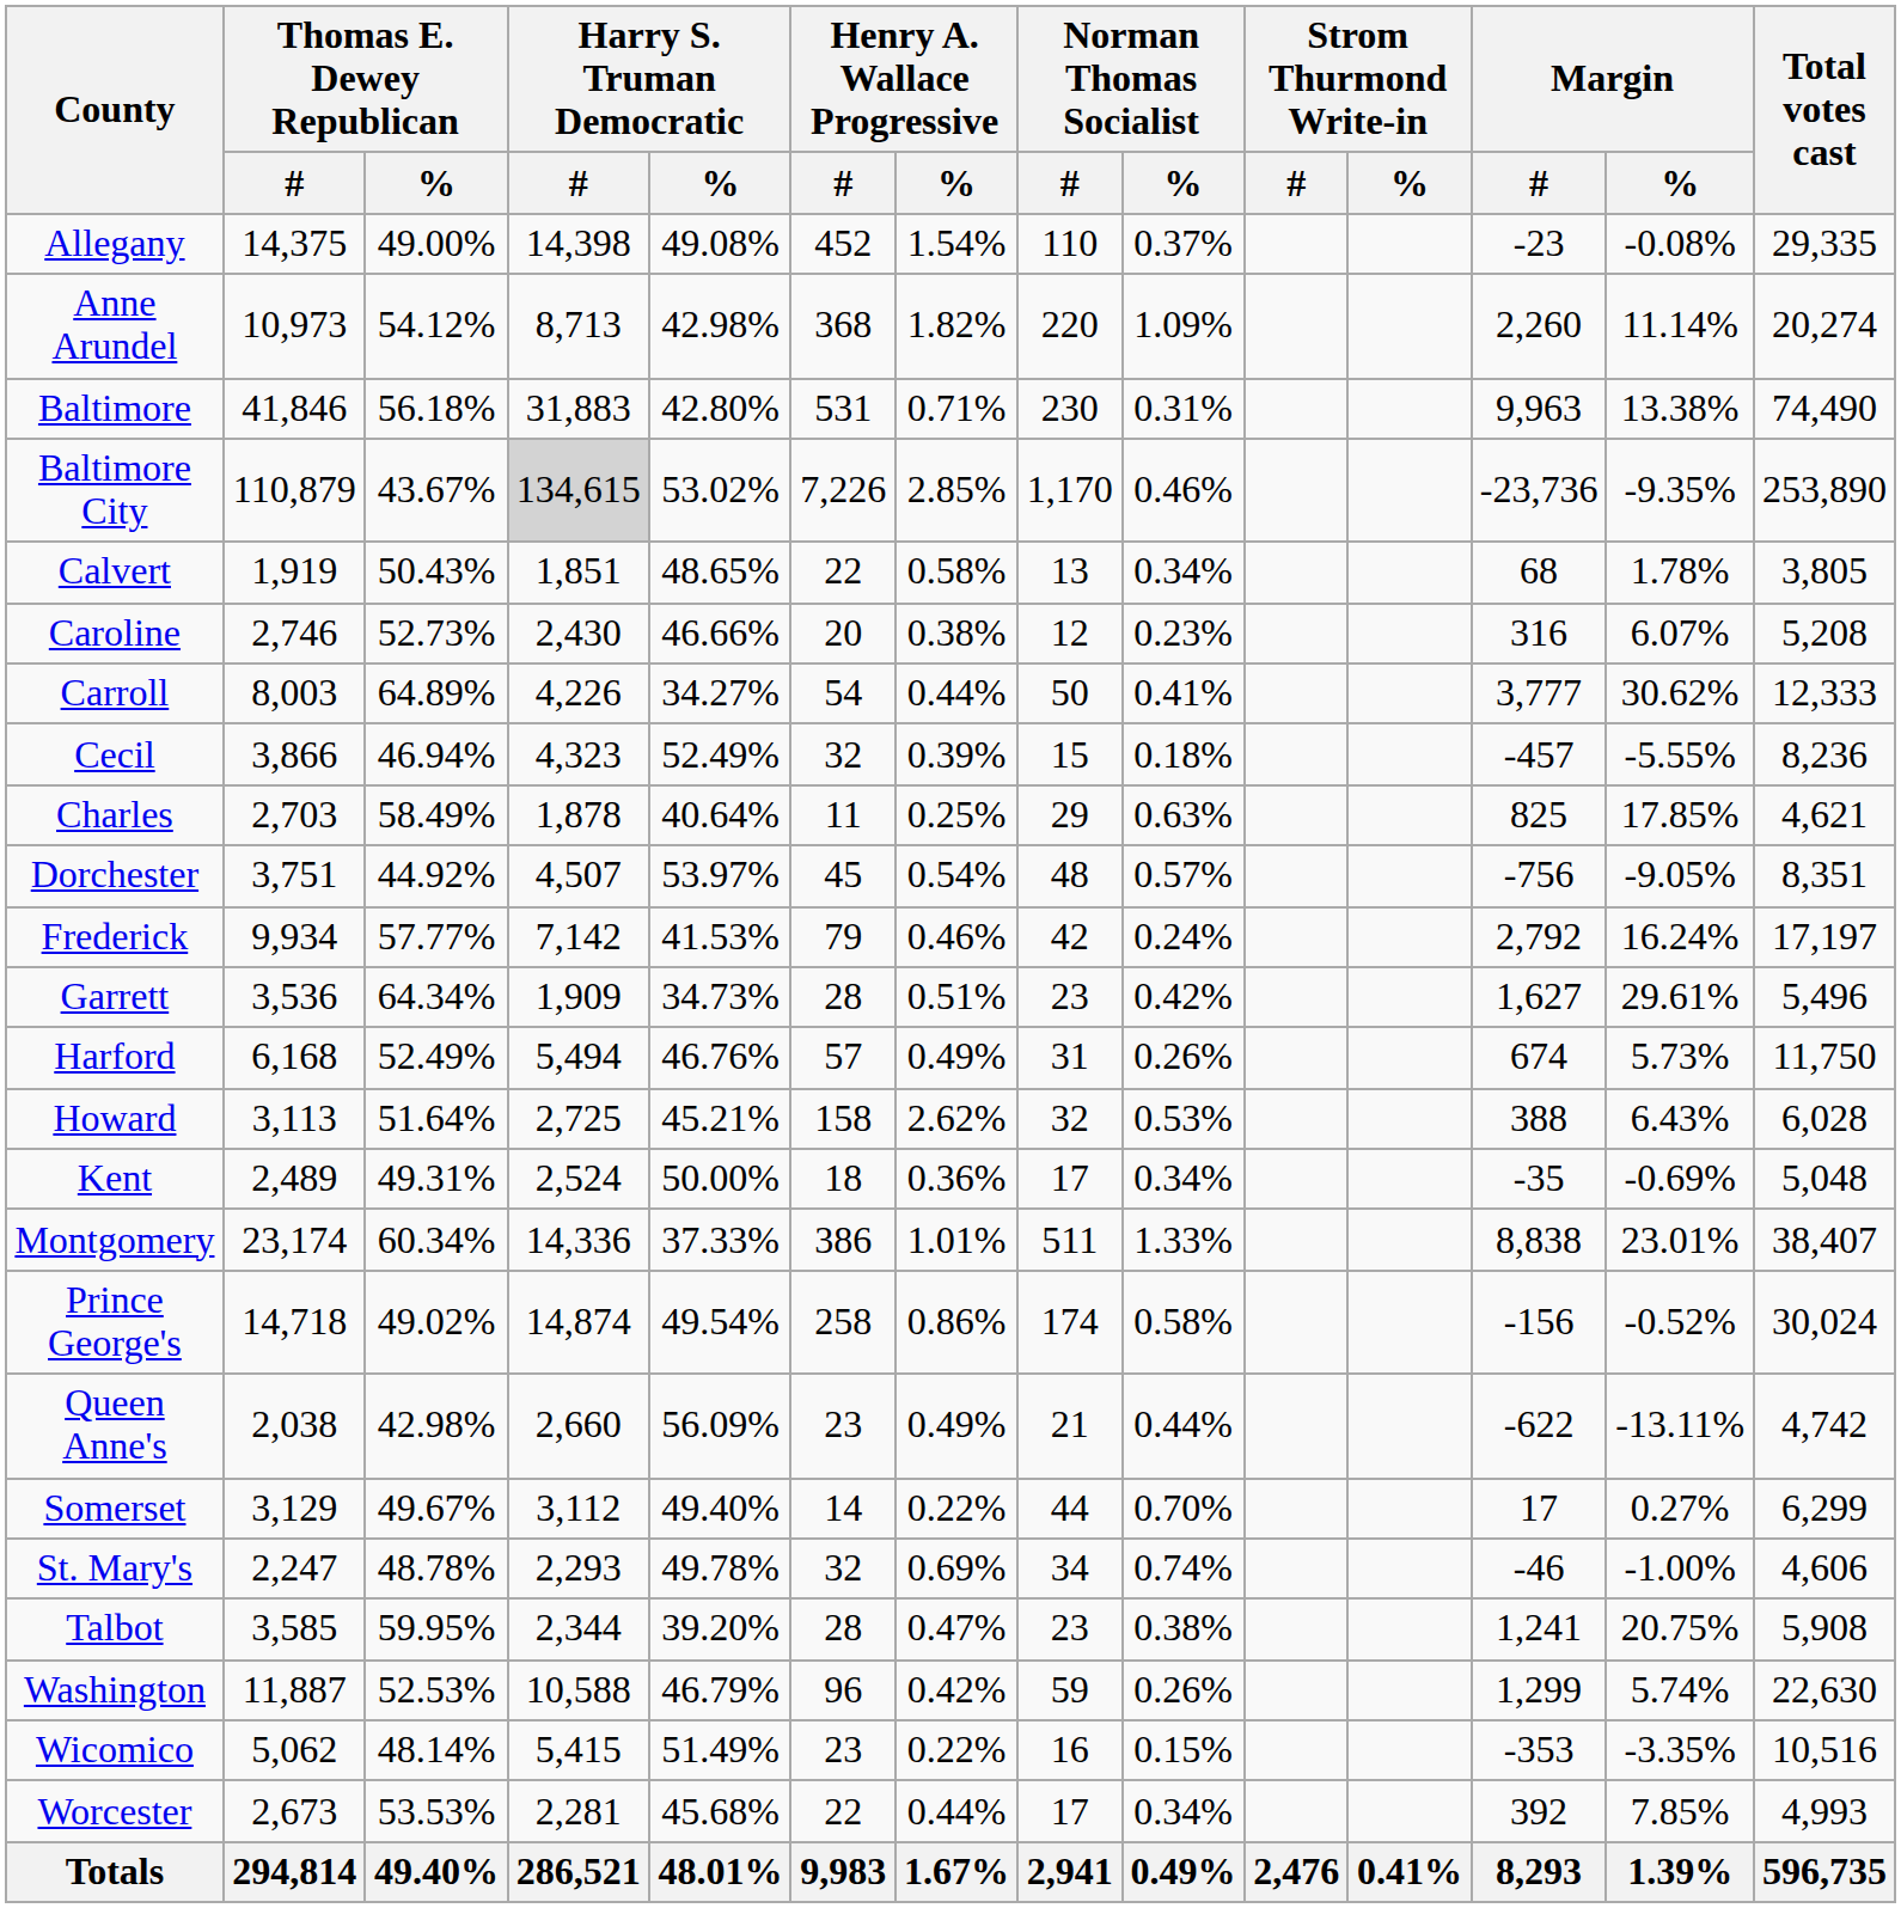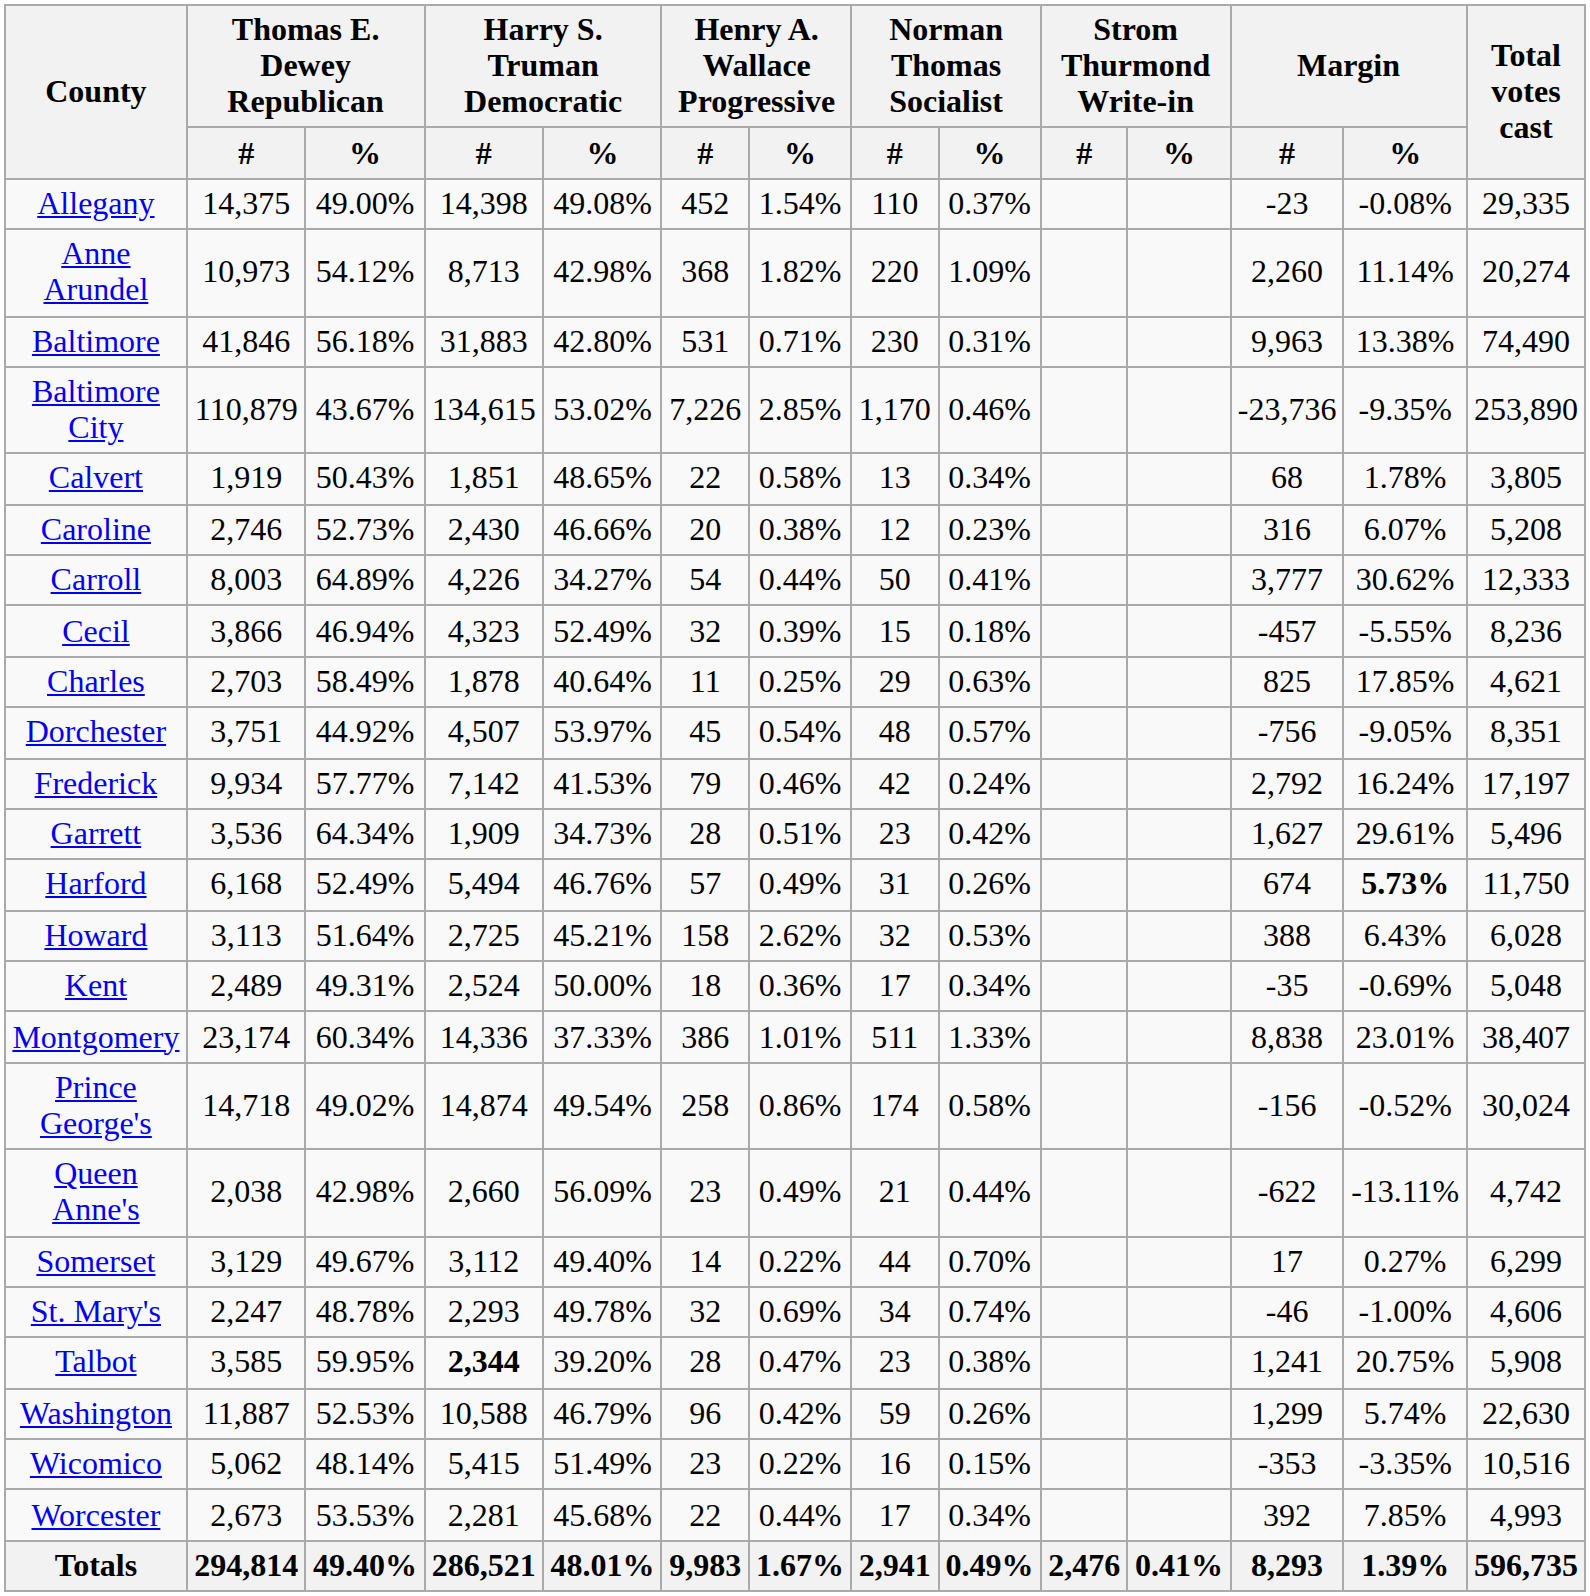 <table width="60%"  class="wikitable sortable" style="text-align:center">
 <tr>
 <th style="text-align:center;" rowspan="2">County</th>
 <th style="text-align:center;" colspan="2">Thomas E. Dewey<br>Republican</th>
 <th style="text-align:center;" colspan="2">Harry S. Truman<br>Democratic</th>
 <th style="text-align:center;" colspan="2">Henry A. Wallace<br>Progressive</th>
 <th style="text-align:center;" colspan="2">Norman Thomas<br>Socialist</th>
 <th style="text-align:center;" colspan="2">Strom Thurmond<br>Write-in</th>
 <th style="text-align:center;" colspan="2">Margin</th>
 <th style="text-align:center;" rowspan="2">Total votes cast</th>
 </tr>
 <tr>
 <th style="text-align:center;" data-sort-type="number">#</th>
 <th style="text-align:center;" data-sort-type="number">%</th>
 <th style="text-align:center;" data-sort-type="number">#</th>
 <th style="text-align:center;" data-sort-type="number">%</th>
 <th style="text-align:center;" data-sort-type="number">#</th>
 <th style="text-align:center;" data-sort-type="number">%</th>
 <th style="text-align:center;" data-sort-type="number">#</th>
 <th style="text-align:center;" data-sort-type="number">%</th>
 <th style="text-align:center;" data-sort-type="number">#</th>
 <th style="text-align:center;" data-sort-type="number">%</th>
 <th style="text-align:center;" data-sort-type="number">#</th>
 <th style="text-align:center;" data-sort-type="number">%</th>
 </tr>
 <tr style="text-align:center;">
 <td><a href='#'>Allegany</a></td>
 <td>14,375</td>
 <td>49.00%</td>
 <td>14,398</td>
 <td>49.08%</td>
 <td>452</td>
 <td>1.54%</td>
 <td>110</td>
 <td>0.37%</td>
 <td></td>
 <td></td>
 <td>-23</td>
 <td>-0.08%</td>
 <td>29,335</td>
 </tr>
 <tr style="text-align:center;">
 <td><a href='#'>Anne Arundel</a></td>
 <td>10,973</td>
 <td>54.12%</td>
 <td>8,713</td>
 <td>42.98%</td>
 <td>368</td>
 <td>1.82%</td>
 <td>220</td>
 <td>1.09%</td>
 <td></td>
 <td></td>
 <td>2,260</td>
 <td>11.14%</td>
 <td>20,274</td>
 </tr>
 <tr style="text-align:center;">
 <td><a href='#'>Baltimore</a></td>
 <td>41,846</td>
 <td>56.18%</td>
 <td>31,883</td>
 <td>42.80%</td>
 <td>531</td>
 <td>0.71%</td>
 <td>230</td>
 <td>0.31%</td>
 <td></td>
 <td></td>
 <td>9,963</td>
 <td>13.38%</td>
 <td>74,490</td>
 </tr>
 <tr style="text-align:center;">
 <td><a href='#'>Baltimore City</a></td>
 <td>110,879</td>
 <td>43.67%</td>
-<td style="background: lightgrey;">134,615</td>
+<td>134,615</td>
 <td>53.02%</td>
 <td>7,226</td>
 <td>2.85%</td>
 <td>1,170</td>
 <td>0.46%</td>
 <td></td>
 <td></td>
 <td>-23,736</td>
 <td>-9.35%</td>
 <td>253,890</td>
 </tr>
 <tr style="text-align:center;">
 <td><a href='#'>Calvert</a></td>
 <td>1,919</td>
 <td>50.43%</td>
 <td>1,851</td>
 <td>48.65%</td>
 <td>22</td>
 <td>0.58%</td>
 <td>13</td>
 <td>0.34%</td>
 <td></td>
 <td></td>
 <td>68</td>
 <td>1.78%</td>
 <td>3,805</td>
 </tr>
 <tr style="text-align:center;">
 <td><a href='#'>Caroline</a></td>
 <td>2,746</td>
 <td>52.73%</td>
 <td>2,430</td>
 <td>46.66%</td>
 <td>20</td>
 <td>0.38%</td>
 <td>12</td>
 <td>0.23%</td>
 <td></td>
 <td></td>
 <td>316</td>
 <td>6.07%</td>
 <td>5,208</td>
 </tr>
 <tr style="text-align:center;">
 <td><a href='#'>Carroll</a></td>
 <td>8,003</td>
 <td>64.89%</td>
 <td>4,226</td>
 <td>34.27%</td>
 <td>54</td>
 <td>0.44%</td>
 <td>50</td>
 <td>0.41%</td>
 <td></td>
 <td></td>
 <td>3,777</td>
 <td>30.62%</td>
 <td>12,333</td>
 </tr>
 <tr style="text-align:center;">
 <td><a href='#'>Cecil</a></td>
 <td>3,866</td>
 <td>46.94%</td>
 <td>4,323</td>
 <td>52.49%</td>
 <td>32</td>
 <td>0.39%</td>
 <td>15</td>
 <td>0.18%</td>
 <td></td>
 <td></td>
 <td>-457</td>
 <td>-5.55%</td>
 <td>8,236</td>
 </tr>
 <tr style="text-align:center;">
 <td><a href='#'>Charles</a></td>
 <td>2,703</td>
 <td>58.49%</td>
 <td>1,878</td>
 <td>40.64%</td>
 <td>11</td>
 <td>0.25%</td>
 <td>29</td>
 <td>0.63%</td>
 <td></td>
 <td></td>
 <td>825</td>
 <td>17.85%</td>
 <td>4,621</td>
 </tr>
 <tr style="text-align:center;">
 <td><a href='#'>Dorchester</a></td>
 <td>3,751</td>
 <td>44.92%</td>
 <td>4,507</td>
 <td>53.97%</td>
 <td>45</td>
 <td>0.54%</td>
 <td>48</td>
 <td>0.57%</td>
 <td></td>
 <td></td>
 <td>-756</td>
 <td>-9.05%</td>
 <td>8,351</td>
 </tr>
 <tr style="text-align:center;">
 <td><a href='#'>Frederick</a></td>
 <td>9,934</td>
 <td>57.77%</td>
 <td>7,142</td>
 <td>41.53%</td>
 <td>79</td>
 <td>0.46%</td>
 <td>42</td>
 <td>0.24%</td>
 <td></td>
 <td></td>
 <td>2,792</td>
 <td>16.24%</td>
 <td>17,197</td>
 </tr>
 <tr style="text-align:center;">
 <td><a href='#'>Garrett</a></td>
 <td>3,536</td>
 <td>64.34%</td>
 <td>1,909</td>
 <td>34.73%</td>
 <td>28</td>
 <td>0.51%</td>
 <td>23</td>
 <td>0.42%</td>
 <td></td>
 <td></td>
 <td>1,627</td>
 <td>29.61%</td>
 <td>5,496</td>
 </tr>
 <tr style="text-align:center;">
 <td><a href='#'>Harford</a></td>
 <td>6,168</td>
 <td>52.49%</td>
 <td>5,494</td>
 <td>46.76%</td>
 <td>57</td>
 <td>0.49%</td>
 <td>31</td>
 <td>0.26%</td>
 <td></td>
 <td></td>
 <td>674</td>
-<td>5.73%</td>
+<td><strong>5.73%</strong></td>
 <td>11,750</td>
 </tr>
 <tr style="text-align:center;">
 <td><a href='#'>Howard</a></td>
 <td>3,113</td>
 <td>51.64%</td>
 <td>2,725</td>
 <td>45.21%</td>
 <td>158</td>
 <td>2.62%</td>
 <td>32</td>
 <td>0.53%</td>
 <td></td>
 <td></td>
 <td>388</td>
 <td>6.43%</td>
 <td>6,028</td>
 </tr>
 <tr style="text-align:center;">
 <td><a href='#'>Kent</a></td>
 <td>2,489</td>
 <td>49.31%</td>
 <td>2,524</td>
 <td>50.00%</td>
 <td>18</td>
 <td>0.36%</td>
 <td>17</td>
 <td>0.34%</td>
 <td></td>
 <td></td>
 <td>-35</td>
 <td>-0.69%</td>
 <td>5,048</td>
 </tr>
 <tr style="text-align:center;">
 <td><a href='#'>Montgomery</a></td>
 <td>23,174</td>
 <td>60.34%</td>
 <td>14,336</td>
 <td>37.33%</td>
 <td>386</td>
 <td>1.01%</td>
 <td>511</td>
 <td>1.33%</td>
 <td></td>
 <td></td>
 <td>8,838</td>
 <td>23.01%</td>
 <td>38,407</td>
 </tr>
 <tr style="text-align:center;">
 <td><a href='#'>Prince George's</a></td>
 <td>14,718</td>
 <td>49.02%</td>
 <td>14,874</td>
 <td>49.54%</td>
 <td>258</td>
 <td>0.86%</td>
 <td>174</td>
 <td>0.58%</td>
 <td></td>
 <td></td>
 <td>-156</td>
 <td>-0.52%</td>
 <td>30,024</td>
 </tr>
 <tr style="text-align:center;">
 <td><a href='#'>Queen Anne's</a></td>
 <td>2,038</td>
 <td>42.98%</td>
 <td>2,660</td>
 <td>56.09%</td>
 <td>23</td>
 <td>0.49%</td>
 <td>21</td>
 <td>0.44%</td>
 <td></td>
 <td></td>
 <td>-622</td>
 <td>-13.11%</td>
 <td>4,742</td>
 </tr>
 <tr style="text-align:center;">
 <td><a href='#'>Somerset</a></td>
 <td>3,129</td>
 <td>49.67%</td>
 <td>3,112</td>
 <td>49.40%</td>
 <td>14</td>
 <td>0.22%</td>
 <td>44</td>
 <td>0.70%</td>
 <td></td>
 <td></td>
 <td>17</td>
 <td>0.27%</td>
 <td>6,299</td>
 </tr>
 <tr style="text-align:center;">
 <td><a href='#'>St. Mary's</a></td>
 <td>2,247</td>
 <td>48.78%</td>
 <td>2,293</td>
 <td>49.78%</td>
 <td>32</td>
 <td>0.69%</td>
 <td>34</td>
 <td>0.74%</td>
 <td></td>
 <td></td>
 <td>-46</td>
 <td>-1.00%</td>
 <td>4,606</td>
 </tr>
 <tr style="text-align:center;">
 <td><a href='#'>Talbot</a></td>
 <td>3,585</td>
 <td>59.95%</td>
-<td>2,344</td>
+<td><strong>2,344</strong></td>
 <td>39.20%</td>
 <td>28</td>
 <td>0.47%</td>
 <td>23</td>
 <td>0.38%</td>
 <td></td>
 <td></td>
 <td>1,241</td>
 <td>20.75%</td>
 <td>5,908</td>
 </tr>
 <tr style="text-align:center;">
 <td><a href='#'>Washington</a></td>
 <td>11,887</td>
 <td>52.53%</td>
 <td>10,588</td>
 <td>46.79%</td>
 <td>96</td>
 <td>0.42%</td>
 <td>59</td>
 <td>0.26%</td>
 <td></td>
 <td></td>
 <td>1,299</td>
 <td>5.74%</td>
 <td>22,630</td>
 </tr>
 <tr style="text-align:center;">
 <td><a href='#'>Wicomico</a></td>
 <td>5,062</td>
 <td>48.14%</td>
 <td>5,415</td>
 <td>51.49%</td>
 <td>23</td>
 <td>0.22%</td>
 <td>16</td>
 <td>0.15%</td>
 <td></td>
 <td></td>
 <td>-353</td>
 <td>-3.35%</td>
 <td>10,516</td>
 </tr>
 <tr style="text-align:center;">
 <td><a href='#'>Worcester</a></td>
 <td>2,673</td>
 <td>53.53%</td>
 <td>2,281</td>
 <td>45.68%</td>
 <td>22</td>
 <td>0.44%</td>
 <td>17</td>
 <td>0.34%</td>
 <td></td>
 <td></td>
 <td>392</td>
 <td>7.85%</td>
 <td>4,993</td>
 </tr>
 <tr style="text-align:center;">
 <th>Totals</th>
 <th>294,814</th>
 <th>49.40%</th>
 <th>286,521</th>
 <th>48.01%</th>
 <th>9,983</th>
 <th>1.67%</th>
 <th>2,941</th>
 <th>0.49%</th>
 <th>2,476</th>
 <th>0.41%</th>
 <th>8,293</th>
 <th>1.39%</th>
 <th>596,735</th>
 </tr>
 </table>
